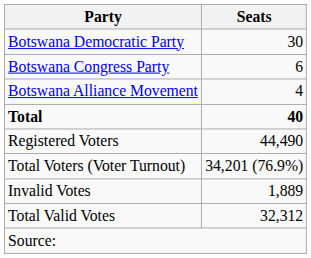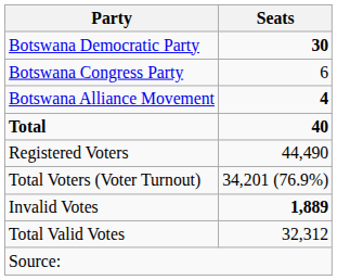 <table class=wikitable style=text-align:right>
 <tr>
 <th>Party</th>
 <th>Seats</th>
 </tr>
 <tr>
 <td align=left><a href='#'>Botswana Democratic Party</a></td>
-<td>30</td>
+<td><strong>30</strong></td>
 </tr>
 <tr>
 <td align=left><a href='#'>Botswana Congress Party</a></td>
 <td>6</td>
 </tr>
 <tr>
 <td align=left><a href='#'>Botswana Alliance Movement</a></td>
-<td>4</td>
+<td><strong>4</strong></td>
 </tr>
 <tr>
 <td align=left><strong>Total</strong></td>
 <td><strong>40</strong></td>
 </tr>
 <tr>
 <td align=left>Registered Voters</td>
 <td>44,490</td>
 </tr>
 <tr>
 <td align=left>Total Voters (Voter Turnout)</td>
 <td>34,201 (76.9%)</td>
 </tr>
 <tr>
 <td align=left>Invalid Votes</td>
-<td>1,889</td>
+<td><strong>1,889</strong></td>
 </tr>
 <tr>
 <td align=left>Total Valid Votes</td>
 <td>32,312</td>
 </tr>
 <tr>
 <td colspan=4 align=left>Source: </td>
 </tr>
 </table>
